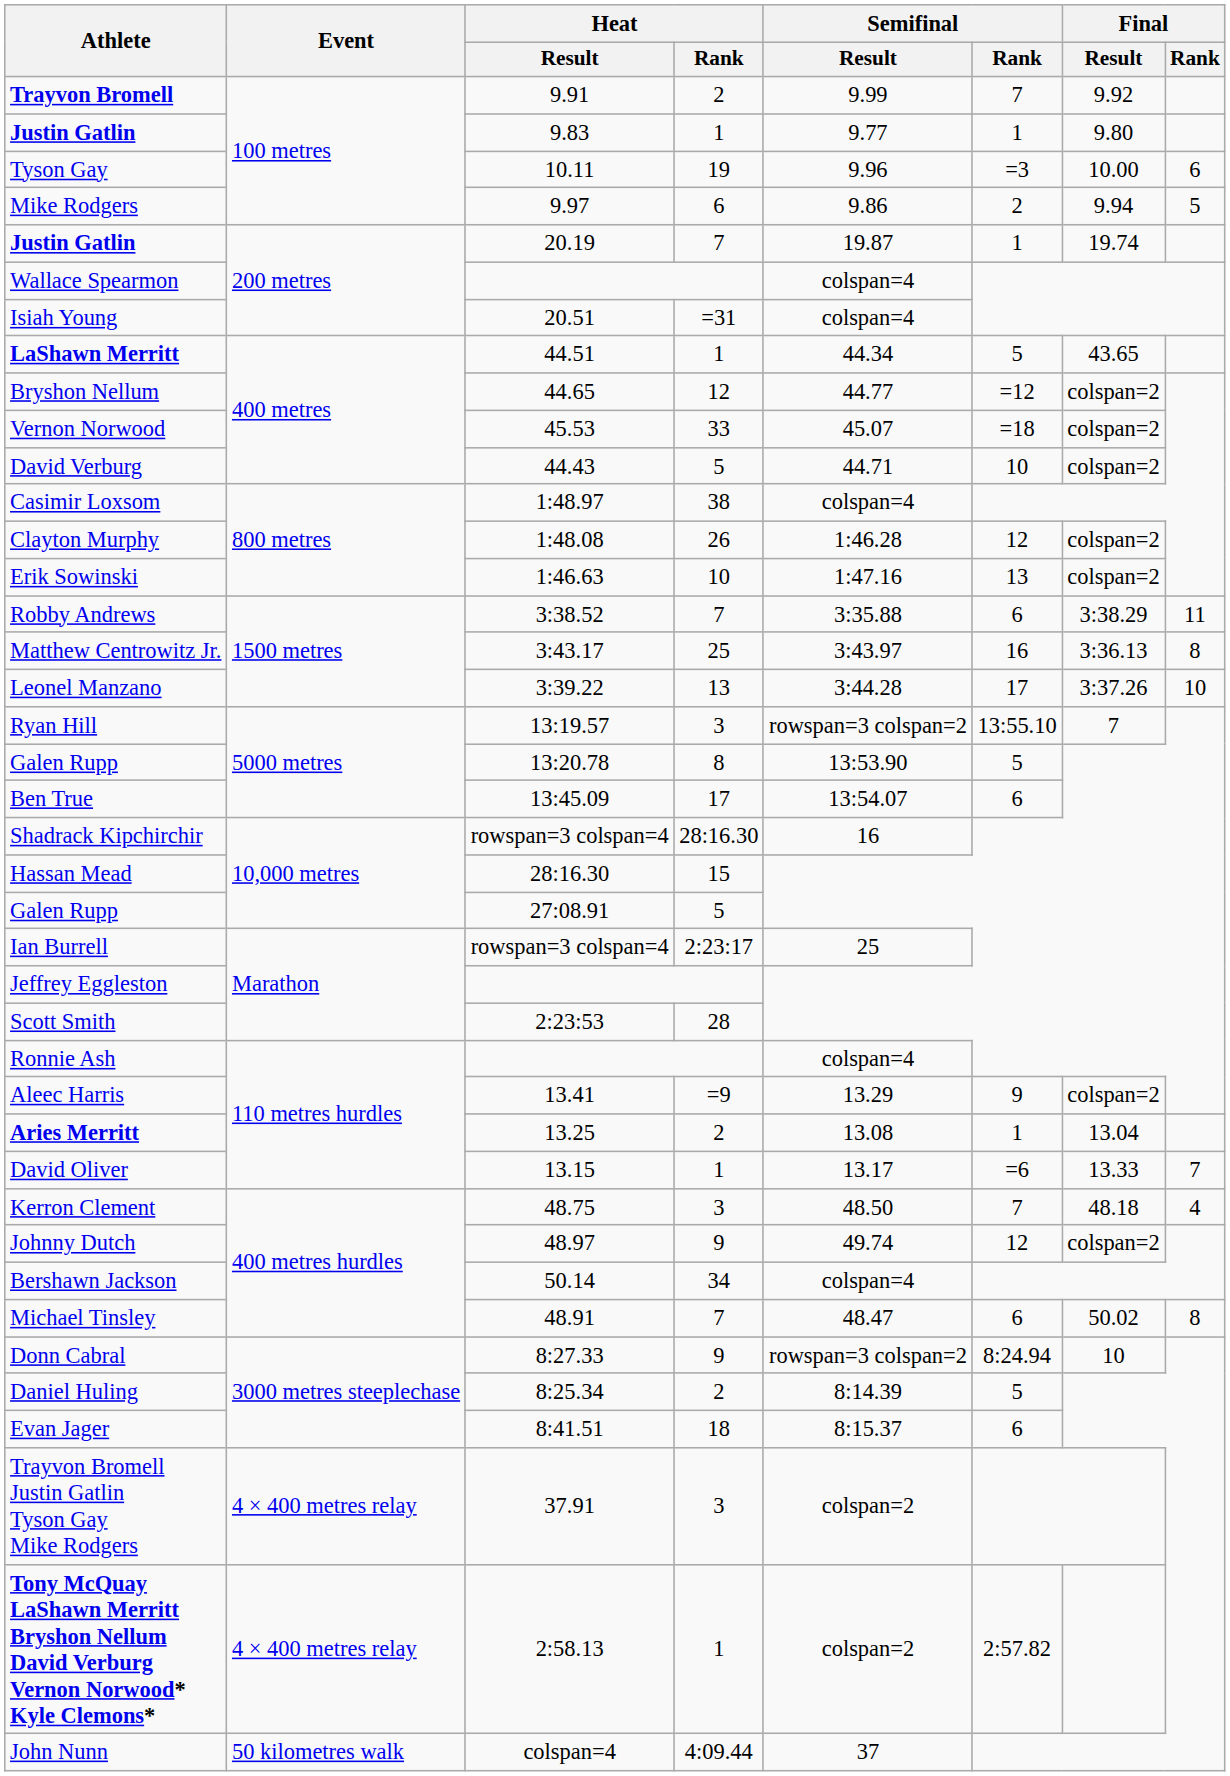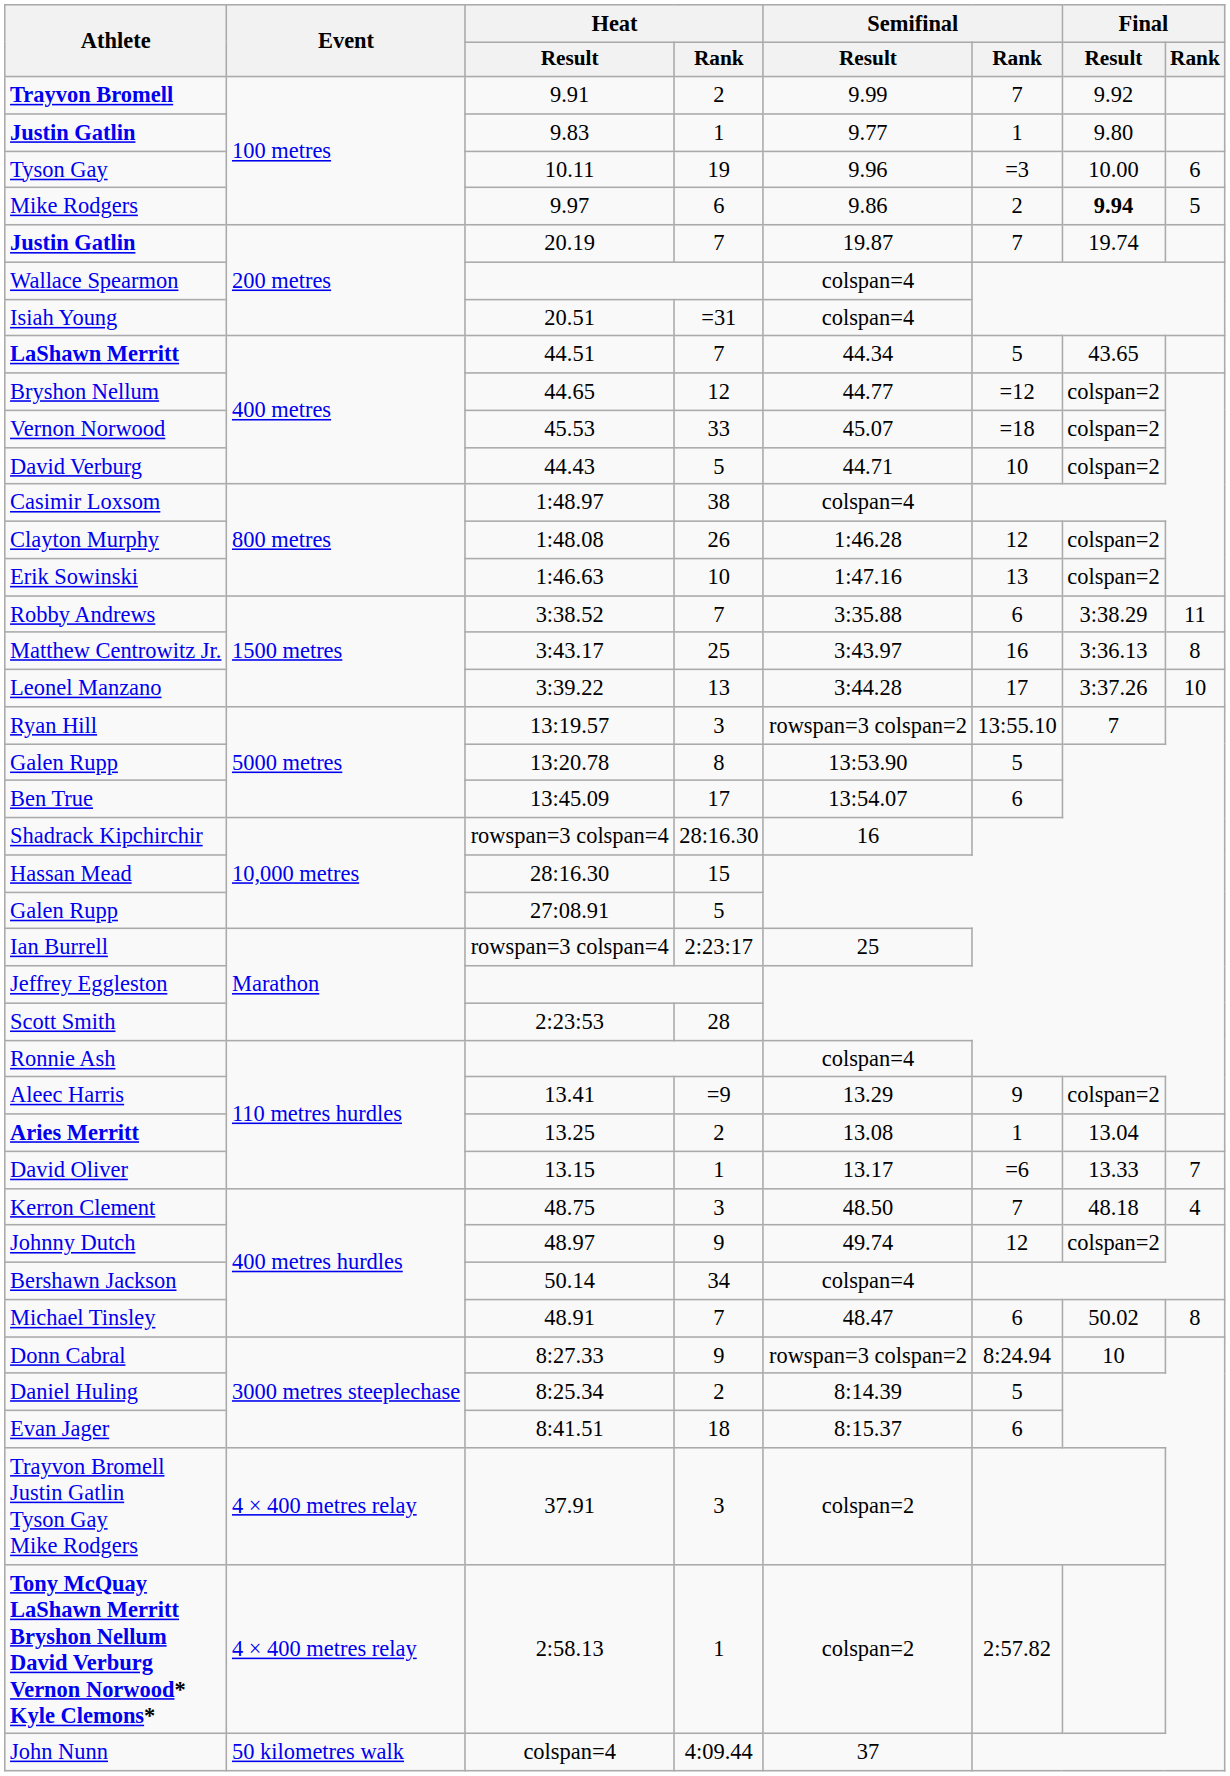 <table class="wikitable" style="font-size:90%">
 <tr>
 <th rowspan="2">Athlete</th>
 <th rowspan="2">Event</th>
 <th colspan="2">Heat</th>
 <th colspan="2">Semifinal</th>
 <th colspan="2">Final</th>
 </tr>
 <tr style="font-size:95%">
 <th>Result</th>
 <th>Rank</th>
 <th>Result</th>
 <th>Rank</th>
 <th>Result</th>
 <th>Rank</th>
 </tr>
 <tr style=text-align:center>
 <td style=text-align:left><strong><a href='#'>Trayvon Bromell</a></strong></td>
 <td style=text-align:left rowspan=4><a href='#'>100 metres</a></td>
 <td>9.91</td>
 <td>2 <strong></strong></td>
 <td>9.99</td>
 <td>7 <strong></strong></td>
 <td>9.92</td>
 <td></td>
 </tr>
 <tr style=text-align:center>
 <td style=text-align:left><strong><a href='#'>Justin Gatlin</a></strong></td>
 <td>9.83</td>
 <td>1 <strong></strong></td>
 <td>9.77</td>
 <td>1 <strong></strong></td>
 <td>9.80</td>
 <td></td>
 </tr>
 <tr style=text-align:center>
 <td style=text-align:left><a href='#'>Tyson Gay</a></td>
 <td>10.11</td>
 <td>19 <strong></strong></td>
 <td>9.96</td>
 <td>=3 <strong></strong></td>
 <td>10.00</td>
 <td>6</td>
 </tr>
 <tr style=text-align:center>
 <td style=text-align:left><a href='#'>Mike Rodgers</a></td>
 <td>9.97</td>
 <td>6 <strong></strong></td>
 <td>9.86 <strong></strong></td>
 <td>2 <strong></strong></td>
-<td>9.94</td>
+<td><strong>9.94</strong></td>
 <td>5</td>
 </tr>
 <tr style=text-align:center>
 <td style=text-align:left><strong><a href='#'>Justin Gatlin</a></strong></td>
 <td style=text-align:left rowspan=3><a href='#'>200 metres</a></td>
 <td>20.19</td>
 <td>7 <strong></strong></td>
 <td>19.87</td>
-<td>1 <strong></strong></td>
+<td>7 <strong></strong></td>
 <td>19.74</td>
 <td></td>
 </tr>
 <tr style=text-align:center>
 <td style=text-align:left><a href='#'>Wallace Spearmon</a></td>
 <td colspan=2></td>
 <td>colspan=4 </td>
 </tr>
 <tr style=text-align:center>
 <td style=text-align:left><a href='#'>Isiah Young</a></td>
 <td>20.51</td>
 <td>=31</td>
 <td>colspan=4 </td>
 </tr>
 <tr style=text-align:center>
 <td style=text-align:left><strong><a href='#'>LaShawn Merritt</a></strong></td>
 <td style=text-align:left rowspan=4><a href='#'>400 metres</a></td>
 <td>44.51</td>
-<td>1 <strong></strong></td>
+<td>7 <strong></strong></td>
 <td>44.34 <strong></strong></td>
 <td>5 <strong></strong></td>
 <td>43.65 <strong></strong></td>
 <td></td>
 </tr>
 <tr style=text-align:center>
 <td style=text-align:left><a href='#'>Bryshon Nellum</a></td>
 <td>44.65 <strong></strong></td>
 <td>12 <strong></strong></td>
 <td>44.77</td>
 <td>=12</td>
 <td>colspan=2 </td>
 </tr>
 <tr style=text-align:center>
 <td style=text-align:left><a href='#'>Vernon Norwood</a></td>
 <td>45.53</td>
 <td>33 <strong></strong></td>
 <td>45.07</td>
 <td>=18</td>
 <td>colspan=2 </td>
 </tr>
 <tr style=text-align:center>
 <td style=text-align:left><a href='#'>David Verburg</a></td>
 <td>44.43</td>
 <td>5 <strong></strong></td>
 <td>44.71</td>
 <td>10</td>
 <td>colspan=2 </td>
 </tr>
 <tr style=text-align:center>
 <td style=text-align:left><a href='#'>Casimir Loxsom</a></td>
 <td style=text-align:left rowspan=3><a href='#'>800 metres</a></td>
 <td>1:48.97</td>
 <td>38</td>
 <td>colspan=4 </td>
 </tr>
 <tr style=text-align:center>
 <td style=text-align:left><a href='#'>Clayton Murphy</a></td>
 <td>1:48.08</td>
 <td>26 <strong></strong></td>
 <td>1:46.28</td>
 <td>12</td>
 <td>colspan=2 </td>
 </tr>
 <tr style=text-align:center>
 <td style=text-align:left><a href='#'>Erik Sowinski</a></td>
 <td>1:46.63</td>
 <td>10 <strong></strong></td>
 <td>1:47.16</td>
 <td>13</td>
 <td>colspan=2 </td>
 </tr>
 <tr style=text-align:center>
 <td style=text-align:left><a href='#'>Robby Andrews</a></td>
 <td style=text-align:left rowspan=3><a href='#'>1500 metres</a></td>
 <td>3:38.52</td>
 <td>7 <strong></strong></td>
 <td>3:35.88</td>
 <td>6 <strong></strong></td>
 <td>3:38.29</td>
 <td>11</td>
 </tr>
 <tr style=text-align:center>
 <td style=text-align:left><a href='#'>Matthew Centrowitz Jr.</a></td>
 <td>3:43.17</td>
 <td>25 <strong></strong></td>
 <td>3:43.97</td>
 <td>16 <strong></strong></td>
 <td>3:36.13</td>
 <td>8</td>
 </tr>
 <tr style=text-align:center>
 <td style=text-align:left><a href='#'>Leonel Manzano</a></td>
 <td>3:39.22</td>
 <td>13 <strong></strong></td>
 <td>3:44.28</td>
 <td>17 <strong></strong></td>
 <td>3:37.26</td>
 <td>10</td>
 </tr>
 <tr style=text-align:center>
 <td style=text-align:left><a href='#'>Ryan Hill</a></td>
 <td style=text-align:left rowspan=3><a href='#'>5000 metres</a></td>
 <td>13:19.57</td>
 <td>3 <strong></strong></td>
 <td>rowspan=3 colspan=2 </td>
 <td>13:55.10</td>
 <td>7</td>
 </tr>
 <tr style=text-align:center>
 <td style=text-align:left><a href='#'>Galen Rupp</a></td>
 <td>13:20.78</td>
 <td>8 <strong></strong></td>
 <td>13:53.90</td>
 <td>5</td>
 </tr>
 <tr style=text-align:center>
 <td style=text-align:left><a href='#'>Ben True</a></td>
 <td>13:45.09</td>
 <td>17 <strong></strong></td>
 <td>13:54.07</td>
 <td>6</td>
 </tr>
 <tr style=text-align:center>
 <td style=text-align:left><a href='#'>Shadrack Kipchirchir</a></td>
 <td style=text-align:left rowspan=3><a href='#'>10,000 metres</a></td>
 <td>rowspan=3 colspan=4 </td>
 <td>28:16.30 <strong></strong></td>
 <td>16</td>
 </tr>
 <tr style=text-align:center>
 <td style=text-align:left><a href='#'>Hassan Mead</a></td>
 <td>28:16.30</td>
 <td>15</td>
 </tr>
 <tr style=text-align:center>
 <td style=text-align:left><a href='#'>Galen Rupp</a></td>
 <td>27:08.91 <strong></strong></td>
 <td>5</td>
 </tr>
 <tr style=text-align:center>
 <td style=text-align:left><a href='#'>Ian Burrell</a></td>
 <td style=text-align:left rowspan=3><a href='#'>Marathon</a></td>
 <td>rowspan=3 colspan=4 </td>
 <td>2:23:17 <strong></strong></td>
 <td>25</td>
 </tr>
 <tr style=text-align:center>
 <td style=text-align:left><a href='#'>Jeffrey Eggleston</a></td>
 <td colspan=2></td>
 </tr>
 <tr style=text-align:center>
 <td style=text-align:left><a href='#'>Scott Smith</a></td>
 <td>2:23:53 <strong></strong></td>
 <td>28</td>
 </tr>
 <tr style=text-align:center>
 <td style=text-align:left><a href='#'>Ronnie Ash</a></td>
 <td style=text-align:left rowspan=4><a href='#'>110 metres hurdles</a></td>
 <td colspan=2></td>
 <td>colspan=4 </td>
 </tr>
 <tr style=text-align:center>
 <td style=text-align:left><a href='#'>Aleec Harris</a></td>
 <td>13.41</td>
 <td>=9 <strong></strong></td>
 <td>13.29</td>
 <td>9</td>
 <td>colspan=2 </td>
 </tr>
 <tr style=text-align:center>
 <td style=text-align:left><strong><a href='#'>Aries Merritt</a></strong></td>
 <td>13.25</td>
 <td>2 <strong></strong></td>
 <td>13.08 <strong></strong></td>
 <td>1 <strong></strong></td>
 <td>13.04 <strong></strong></td>
 <td></td>
 </tr>
 <tr style=text-align:center>
 <td style=text-align:left><a href='#'>David Oliver</a></td>
 <td>13.15</td>
 <td>1 <strong></strong></td>
 <td>13.17</td>
 <td>=6 <strong></strong></td>
 <td>13.33</td>
 <td>7</td>
 </tr>
 <tr style=text-align:center>
 <td style=text-align:left><a href='#'>Kerron Clement</a></td>
 <td style=text-align:left rowspan=4><a href='#'>400 metres hurdles</a></td>
 <td>48.75</td>
 <td>3 <strong></strong></td>
 <td>48.50</td>
 <td>7 <strong></strong></td>
 <td>48.18 <strong></strong></td>
 <td>4</td>
 </tr>
 <tr style=text-align:center>
 <td style=text-align:left><a href='#'>Johnny Dutch</a></td>
 <td>48.97</td>
 <td>9 <strong></strong></td>
 <td>49.74</td>
 <td>12</td>
 <td>colspan=2 </td>
 </tr>
 <tr style=text-align:center>
 <td style=text-align:left><a href='#'>Bershawn Jackson</a></td>
 <td>50.14</td>
 <td>34</td>
 <td>colspan=4 </td>
 </tr>
 <tr style=text-align:center>
 <td style=text-align:left><a href='#'>Michael Tinsley</a></td>
 <td>48.91</td>
 <td>7 <strong></strong></td>
 <td>48.47</td>
 <td>6 <strong></strong></td>
 <td>50.02</td>
 <td>8</td>
 </tr>
 <tr style=text-align:center>
 <td style=text-align:left><a href='#'>Donn Cabral</a></td>
 <td style=text-align:left rowspan=3><a href='#'>3000 metres steeplechase</a></td>
 <td>8:27.33</td>
 <td>9 <strong></strong></td>
 <td>rowspan=3 colspan=2 </td>
 <td>8:24.94</td>
 <td>10</td>
 </tr>
 <tr style=text-align:center>
 <td style=text-align:left><a href='#'>Daniel Huling</a></td>
 <td>8:25.34</td>
 <td>2 <strong></strong></td>
 <td>8:14.39</td>
 <td>5</td>
 </tr>
 <tr style=text-align:center>
 <td style=text-align:left><a href='#'>Evan Jager</a></td>
 <td>8:41.51</td>
 <td>18 <strong></strong></td>
 <td>8:15.37</td>
 <td>6</td>
 </tr>
 <tr style=text-align:center>
 <td style=text-align:left><a href='#'>Trayvon Bromell</a><br><a href='#'>Justin Gatlin</a><br><a href='#'>Tyson Gay</a><br><a href='#'>Mike Rodgers</a></td>
 <td style=text-align:left><a href='#'>4 × 400 metres relay</a></td>
 <td>37.91</td>
 <td>3 <strong></strong></td>
 <td>colspan=2 </td>
 <td colspan=2></td>
 </tr>
 <tr style=text-align:center>
 <td style=text-align:left><strong><a href='#'>Tony McQuay</a><br><a href='#'>LaShawn Merritt</a><br><a href='#'>Bryshon Nellum</a><br><a href='#'>David Verburg</a><br><a href='#'>Vernon Norwood</a>*<br><a href='#'>Kyle Clemons</a>*</strong></td>
 <td style=text-align:left><a href='#'>4 × 400 metres relay</a></td>
 <td>2:58.13 <strong></strong></td>
 <td>1 <strong></strong></td>
 <td>colspan=2 </td>
 <td>2:57.82 <strong></strong></td>
 <td></td>
 </tr>
 <tr style=text-align:center>
 <td style=text-align:left><a href='#'>John Nunn</a></td>
 <td style=text-align:left><a href='#'>50 kilometres walk</a></td>
 <td>colspan=4 </td>
 <td>4:09.44 <strong></strong></td>
 <td>37</td>
 </tr>
 </table>
